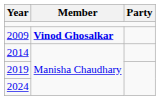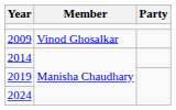 <table class="wikitable">
 <tr>
 <th>Year</th>
 <th>Member</th>
 <th colspan=2>Party</th>
 </tr>
 <tr>
 <td colspan="4"></td>
 </tr>
 <tr>
 <td><a href='#'>2009</a></td>
-<td><strong><a href='#'>Vinod Ghosalkar</a></strong></td>
+<td><a href='#'>Vinod Ghosalkar</a></td>
 <td></td>
 </tr>
 <tr>
 <td><a href='#'>2014</a></td>
 <td rowspan="3"><a href='#'>Manisha Chaudhary</a></td>
 <td></td>
 </tr>
 <tr>
 <td><a href='#'>2019</a></td>
 </tr>
 <tr>
 <td><a href='#'>2024</a></td>
 </tr>
 </table>
